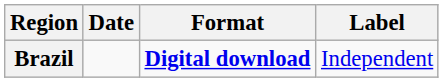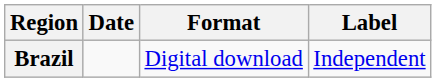 <table class="wikitable plainrowheaders">
 <tr>
 <th scope="col">Region</th>
 <th scope="col">Date</th>
 <th scope="col">Format</th>
 <th scope="col">Label</th>
 </tr>
 <tr>
 <th scope="row" rowspan="3">Brazil</th>
 <td></td>
-<td><strong><a href='#'>Digital download</a></strong></td>
+<td><a href='#'>Digital download</a></td>
 <td rowspan="3"><a href='#'>Independent</a></td>
 </tr>
 </table>
